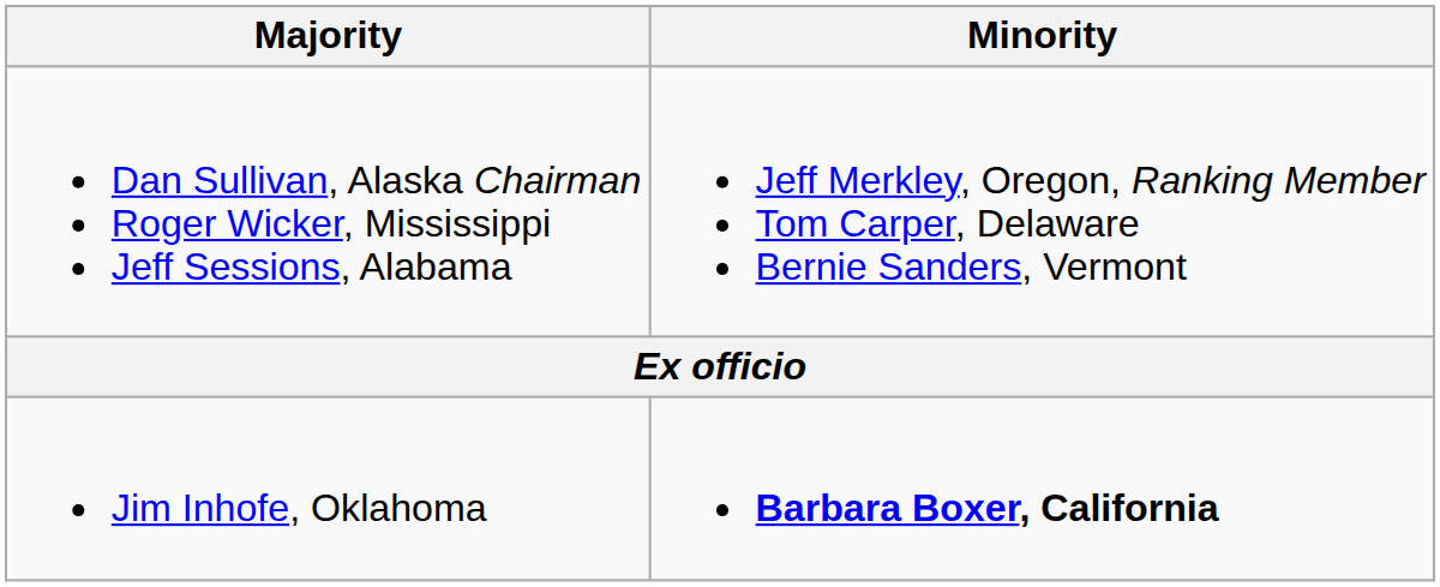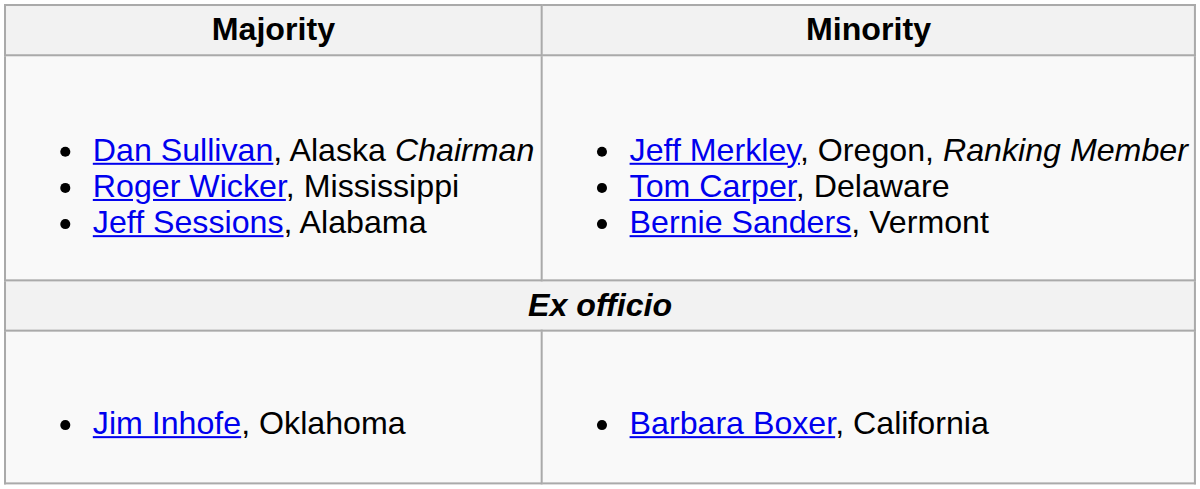 <table class=wikitable>
 <tr>
 <th>Majority</th>
 <th>Minority</th>
 </tr>
 <tr>
 <td><br><ul><li><a href='#'>Dan Sullivan</a>, Alaska <em>Chairman</em></li><li><a href='#'>Roger Wicker</a>, Mississippi</li><li><a href='#'>Jeff Sessions</a>, Alabama</li></ul></td>
 <td><br><ul><li><a href='#'>Jeff Merkley</a>, Oregon, <em>Ranking Member</em></li><li><a href='#'>Tom Carper</a>, Delaware</li><li><span><a href='#'>Bernie Sanders</a>, Vermont</span></li></ul></td>
 </tr>
 <tr>
 <th colspan=2><em>Ex officio</em></th>
 </tr>
 <tr>
 <td><br><ul><li><a href='#'>Jim Inhofe</a>, Oklahoma</li></ul></td>
-<td><strong><br><ul><li><a href='#'>Barbara Boxer</a>, California</li></ul></strong></td>
+<td><br><ul><li><a href='#'>Barbara Boxer</a>, California</li></ul></td>
 </tr>
 </table>
